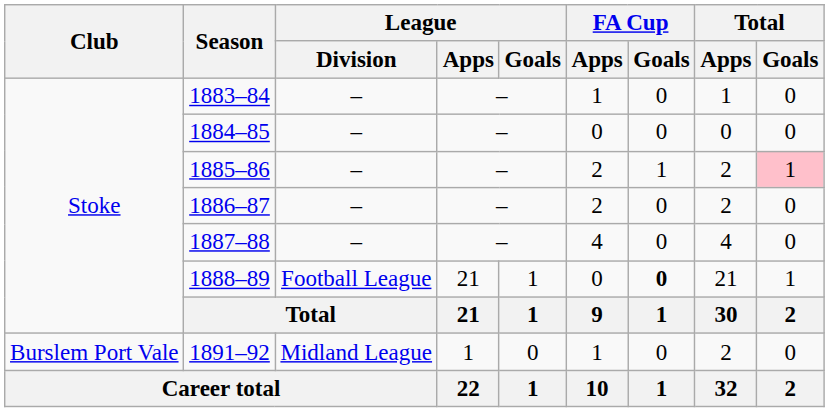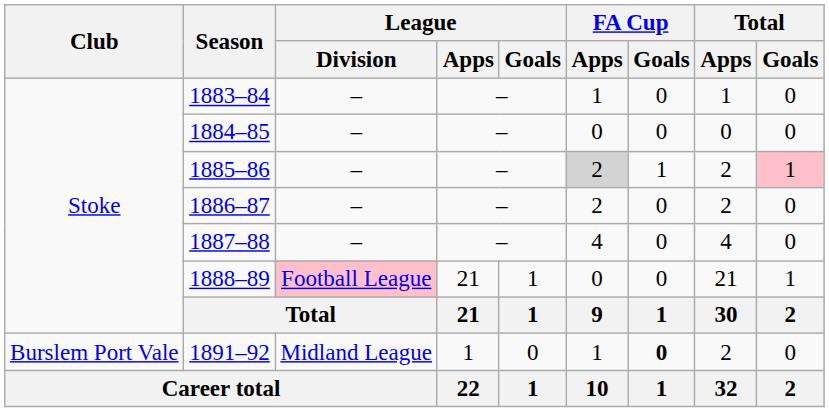 <table class="wikitable" style="text-align: center;">
 <tr>
 <th rowspan="2">Club</th>
 <th rowspan="2">Season</th>
 <th colspan="3">League</th>
 <th colspan="2"><a href='#'>FA Cup</a></th>
 <th colspan="2">Total</th>
 </tr>
 <tr>
 <th>Division</th>
 <th>Apps</th>
 <th>Goals</th>
 <th>Apps</th>
 <th>Goals</th>
 <th>Apps</th>
 <th>Goals</th>
 </tr>
 <tr>
 <td rowspan="7"><a href='#'>Stoke</a></td>
 <td><a href='#'>1883–84</a></td>
 <td>–</td>
 <td colspan="2">–</td>
 <td>1</td>
 <td>0</td>
 <td>1</td>
 <td>0</td>
 </tr>
 <tr>
 <td><a href='#'>1884–85</a></td>
 <td>–</td>
 <td colspan="2">–</td>
 <td>0</td>
 <td>0</td>
 <td>0</td>
 <td>0</td>
 </tr>
 <tr>
 <td><a href='#'>1885–86</a></td>
 <td>–</td>
 <td colspan="2">–</td>
-<td>2</td>
+<td style="background: lightgrey;">2</td>
 <td>1</td>
 <td>2</td>
 <td style="background: pink;">1</td>
 </tr>
 <tr>
 <td><a href='#'>1886–87</a></td>
 <td>–</td>
 <td colspan="2">–</td>
 <td>2</td>
 <td>0</td>
 <td>2</td>
 <td>0</td>
 </tr>
 <tr>
 <td><a href='#'>1887–88</a></td>
 <td>–</td>
 <td colspan="2">–</td>
 <td>4</td>
 <td>0</td>
 <td>4</td>
 <td>0</td>
 </tr>
 <tr>
 <td><a href='#'>1888–89</a></td>
-<td><a href='#'>Football League</a></td>
+<td style="background: pink;"><a href='#'>Football League</a></td>
 <td>21</td>
 <td>1</td>
 <td>0</td>
-<td><strong>0</strong></td>
+<td>0</td>
 <td>21</td>
 <td>1</td>
 </tr>
 <tr>
 <th colspan="2">Total</th>
 <th>21</th>
 <th>1</th>
 <th>9</th>
 <th>1</th>
 <th>30</th>
 <th>2</th>
 </tr>
 <tr>
 <td><a href='#'>Burslem Port Vale</a></td>
 <td><a href='#'>1891–92</a></td>
 <td><a href='#'>Midland League</a></td>
 <td>1</td>
 <td>0</td>
 <td>1</td>
-<td>0</td>
+<td><strong>0</strong></td>
 <td>2</td>
 <td>0</td>
 </tr>
 <tr>
 <th colspan="3">Career total</th>
 <th>22</th>
 <th>1</th>
 <th>10</th>
 <th>1</th>
 <th>32</th>
 <th>2</th>
 </tr>
 </table>
